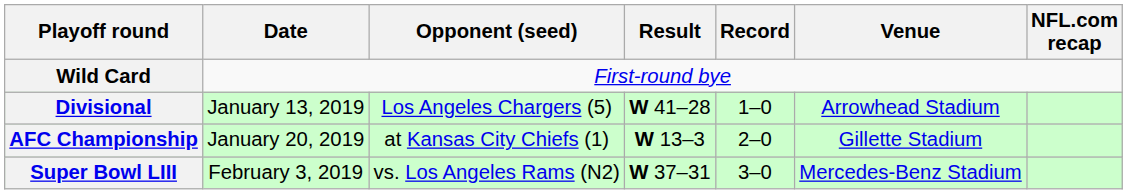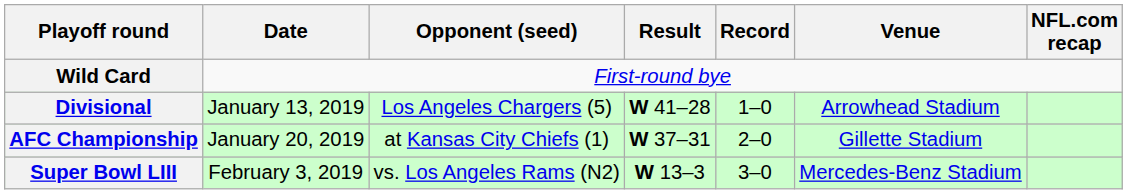 <table class="wikitable" style="text-align:center">
 <tr>
 <th>Playoff round</th>
 <th>Date</th>
 <th>Opponent (seed)</th>
 <th>Result</th>
 <th>Record</th>
 <th>Venue</th>
 <th>NFL.com<br>recap</th>
 </tr>
 <tr>
 <th>Wild Card</th>
 <td colspan=8><em><a href='#'>First-round bye</a></em></td>
 </tr>
 <tr style="background:#cfc">
 <th><a href='#'>Divisional</a></th>
 <td>January 13, 2019</td>
 <td><a href='#'>Los Angeles Chargers</a> (5)</td>
 <td><strong>W</strong> 41–28</td>
 <td>1–0</td>
 <td><a href='#'>Arrowhead Stadium</a></td>
 <td></td>
 </tr>
 <tr style="background:#cfc">
 <th><a href='#'>AFC Championship</a></th>
 <td>January 20, 2019</td>
 <td>at <a href='#'>Kansas City Chiefs</a> (1)</td>
-<td><strong>W</strong> 13–3</td>
+<td><strong>W</strong> 37–31 </td>
 <td>2–0</td>
 <td><a href='#'>Gillette Stadium</a></td>
 <td></td>
 </tr>
 <tr style="background:#cfc">
 <th><a href='#'>Super Bowl LIII</a></th>
 <td>February 3, 2019</td>
 <td>vs. <a href='#'>Los Angeles Rams</a> (N2)</td>
-<td><strong>W</strong> 37–31 </td>
+<td><strong>W</strong> 13–3</td>
 <td>3–0</td>
 <td><a href='#'>Mercedes-Benz Stadium</a></td>
 <td></td>
 </tr>
 </table>
